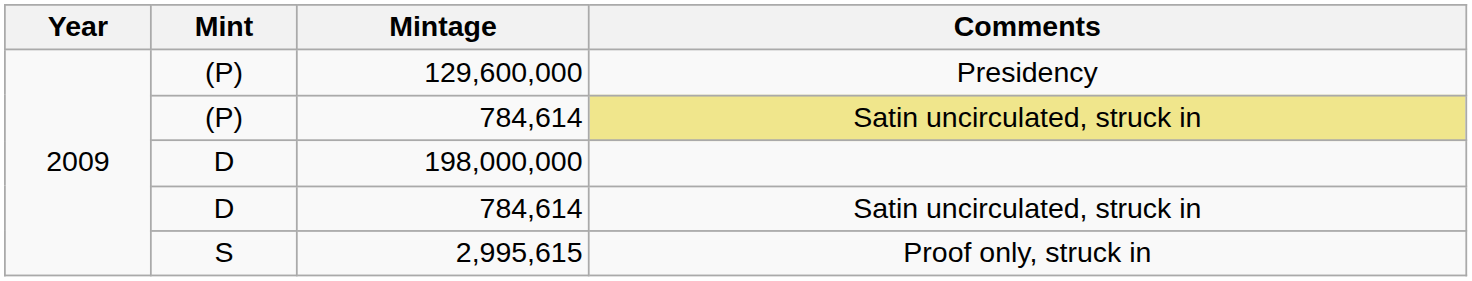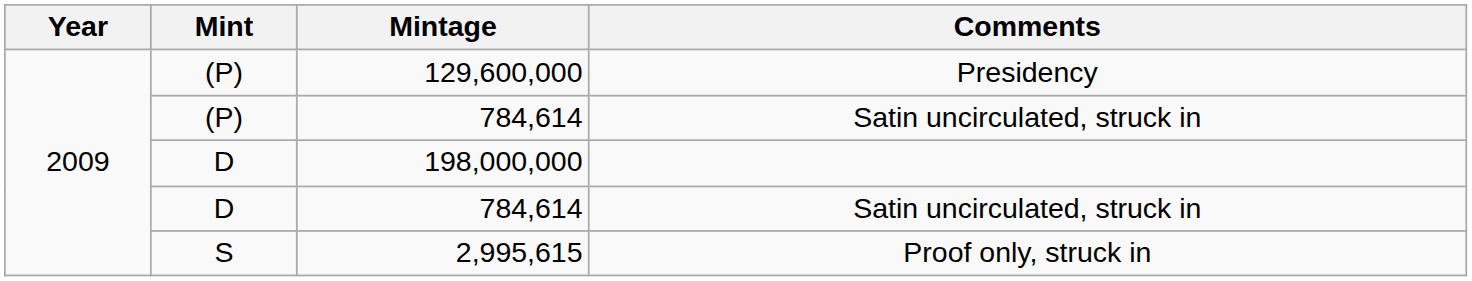 <table class="wikitable sortable" style="min-width:65%; text-align:center;">
 <tr>
 <th width="10%">Year</th>
 <th width="10%">Mint</th>
 <th width="20%">Mintage</th>
 <th width="60%">Comments</th>
 </tr>
 <tr>
 <td rowspan="5">2009</td>
 <td>(P)</td>
 <td align="right">129,600,000</td>
 <td>Presidency</td>
 </tr>
 <tr>
 <td>(P)</td>
 <td align="right">784,614</td>
-<td style="background: khaki;">Satin uncirculated, struck in </td>
+<td>Satin uncirculated, struck in </td>
 </tr>
 <tr>
 <td>D</td>
 <td align="right">198,000,000</td>
 <td></td>
 </tr>
 <tr>
 <td>D</td>
 <td align="right">784,614</td>
 <td>Satin uncirculated, struck in </td>
 </tr>
 <tr>
 <td>S</td>
 <td align="right">2,995,615</td>
 <td>Proof only, struck in </td>
 </tr>
 </table>
